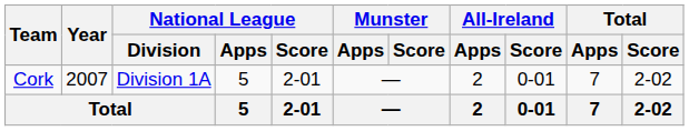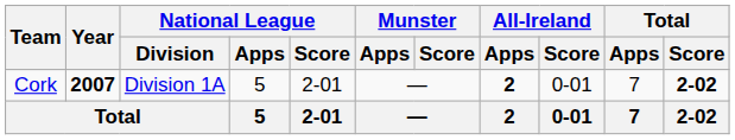 <table class="wikitable" style="text-align:center">
 <tr>
 <th rowspan="2">Team</th>
 <th rowspan="2">Year</th>
 <th colspan="3"><a href='#'>National League</a></th>
 <th colspan="2"><a href='#'>Munster</a></th>
 <th colspan="2"><a href='#'>All-Ireland</a></th>
 <th colspan="2">Total</th>
 </tr>
 <tr>
 <th>Division</th>
 <th>Apps</th>
 <th>Score</th>
 <th>Apps</th>
 <th>Score</th>
 <th>Apps</th>
 <th>Score</th>
 <th>Apps</th>
 <th>Score</th>
 </tr>
 <tr>
 <td rowspan="1"><a href='#'>Cork</a></td>
-<td>2007</td>
+<td><strong>2007</strong></td>
 <td rowspan="1"><a href='#'>Division 1A</a></td>
 <td>5</td>
 <td>2-01</td>
 <td colspan=2>—</td>
-<td>2</td>
+<td><strong>2</strong></td>
 <td>0-01</td>
 <td>7</td>
-<td>2-02</td>
+<td><strong>2-02</strong></td>
 </tr>
 <tr>
 <th colspan="3">Total</th>
 <th>5</th>
 <th>2-01</th>
 <th colspan=2>—</th>
 <th>2</th>
 <th>0-01</th>
 <th>7</th>
 <th>2-02</th>
 </tr>
 </table>
